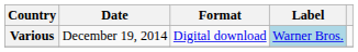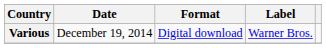 <table class="wikitable plainrowheaders">
 <tr>
 <th scope="col">Country</th>
 <th scope="col">Date</th>
 <th scope="col">Format</th>
 <th scope="col">Label</th>
 <th scope="col"></th>
 </tr>
 <tr>
 <th scope="row">Various</th>
 <td>December 19, 2014</td>
 <td><a href='#'>Digital download</a></td>
-<td style="background: lightblue;"><a href='#'>Warner Bros.</a></td>
+<td><a href='#'>Warner Bros.</a></td>
 <td></td>
 </tr>
 <tr>
 </tr>
 </table>
